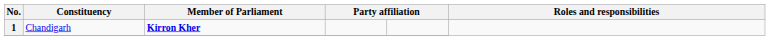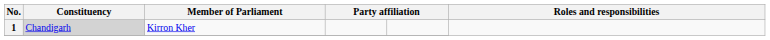 <table class="wikitable">
 <tr style="text-align:center;">
 <th>No.</th>
 <th style="width:12em">Constituency</th>
 <th style="width:18em">Member of Parliament</th>
 <th colspan="2" style="width:18em">Party affiliation</th>
 <th style="width:32em">Roles and responsibilities</th>
 </tr>
 <tr>
 <th>1</th>
-<td><a href='#'>Chandigarh</a></td>
-<td><strong><a href='#'>Kirron Kher</a></strong></td>
+<td style="background: lightgrey;"><a href='#'>Chandigarh</a></td>
+<td><a href='#'>Kirron Kher</a></td>
 <td></td>
 <td></td>
 </tr>
 <tr>
 </tr>
 </table>
